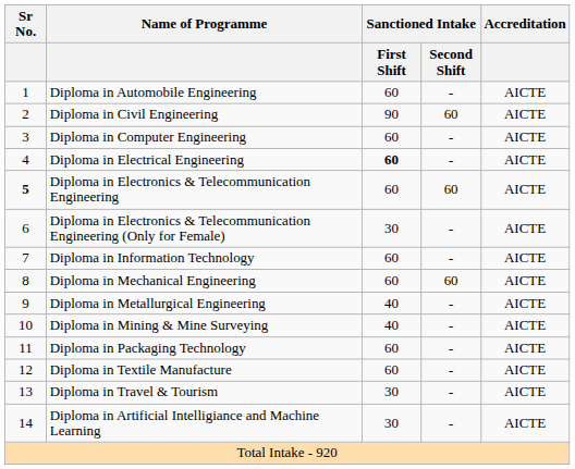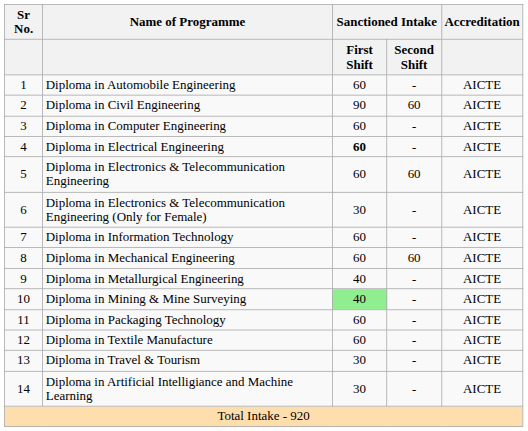 <table class = "wikitable">
 <tr>
 <th Width = 40>Sr No.</th>
 <th Width = 350>Name of Programme</th>
 <th colspan = 2>Sanctioned Intake</th>
 <th Width = 40>Accreditation</th>
 </tr>
 <tr>
 <th> </th>
 <th> </th>
 <th Width = 60>First Shift</th>
 <th Width = 60>Second Shift</th>
 <th> </th>
 </tr>
 <tr>
 <td align = "center">1</td>
 <td>Diploma in Automobile Engineering</td>
 <td align = "center">60</td>
 <td align = "center">-</td>
 <td align = "center">AICTE</td>
 </tr>
 <tr>
 <td align = "center">2</td>
 <td>Diploma in Civil Engineering</td>
 <td align = "center">90</td>
 <td align = "center">60</td>
 <td align = "center">AICTE</td>
 </tr>
 <tr>
 <td align = "center">3</td>
 <td>Diploma in Computer Engineering</td>
 <td align = "center">60</td>
 <td align = "center">-</td>
 <td align = "center">AICTE</td>
 </tr>
 <tr>
 <td align = "center">4</td>
 <td>Diploma in Electrical Engineering</td>
 <td align = "center"><strong>60</strong></td>
 <td align = "center">-</td>
 <td align = "center">AICTE</td>
 </tr>
 <tr>
-<td align = "center"><strong>5</strong></td>
+<td align = "center">5</td>
 <td>Diploma in Electronics & Telecommunication Engineering</td>
 <td align = "center">60</td>
 <td align = "center">60</td>
 <td align = "center">AICTE</td>
 </tr>
 <tr>
 <td align = "center">6</td>
 <td>Diploma in Electronics & Telecommunication Engineering (Only for Female)</td>
 <td align = "center">30</td>
 <td align = "center">-</td>
 <td align = "center">AICTE</td>
 </tr>
 <tr>
 <td align = "center">7</td>
 <td>Diploma in Information Technology</td>
 <td align = "center">60</td>
 <td align = "center">-</td>
 <td align = "center">AICTE</td>
 </tr>
 <tr>
 <td align = "center">8</td>
 <td>Diploma in Mechanical Engineering</td>
 <td align = "center">60</td>
 <td align = "center">60</td>
 <td align = "center">AICTE</td>
 </tr>
 <tr>
 <td align = "center">9</td>
 <td>Diploma in Metallurgical Engineering</td>
 <td align="center">40</td>
 <td align = "center">-</td>
 <td align = "center">AICTE</td>
 </tr>
 <tr>
 <td align = "center">10</td>
 <td>Diploma in Mining & Mine Surveying</td>
-<td align = "center">40</td>
+<td align = "center" style="background: lightgreen;">40</td>
 <td align = "center">-</td>
 <td align = "center">AICTE</td>
 </tr>
 <tr>
 <td align = "center">11</td>
 <td>Diploma in Packaging Technology</td>
 <td align = "center">60</td>
 <td align = "center">-</td>
 <td align = "center">AICTE</td>
 </tr>
 <tr>
 <td align = "center">12</td>
 <td>Diploma in Textile Manufacture</td>
 <td align = "center">60</td>
 <td align = "center">-</td>
 <td align = "center">AICTE</td>
 </tr>
 <tr>
 <td align = "center">13</td>
 <td>Diploma in Travel & Tourism</td>
 <td align = "center">30</td>
 <td align = "center">-</td>
 <td align = "center">AICTE</td>
 </tr>
 <tr>
 <td align = "center">14</td>
 <td>Diploma in Artificial Intelligiance and Machine Learning</td>
 <td align = "center">30</td>
 <td align = "center">-</td>
 <td align = "center">AICTE</td>
 </tr>
 <tr>
 <td colspan="5" align="center" style="background: #ffdead;">Total Intake - 920</td>
 </tr>
 </table>
